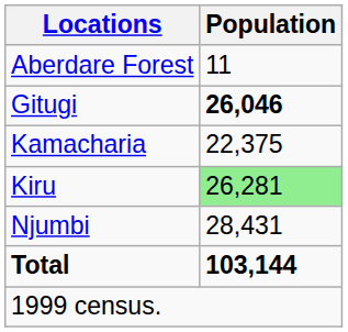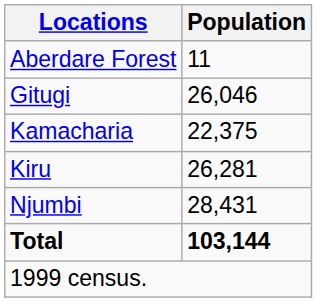 <table class="wikitable">
 <tr>
 <th><a href='#'>Locations</a></th>
 <th>Population</th>
 </tr>
 <tr>
 <td><a href='#'>Aberdare Forest</a></td>
 <td>11</td>
 </tr>
 <tr>
 <td><a href='#'>Gitugi</a></td>
-<td><strong>26,046</strong></td>
+<td>26,046</td>
 </tr>
 <tr>
 <td><a href='#'>Kamacharia</a></td>
 <td>22,375</td>
 </tr>
 <tr>
 <td><a href='#'>Kiru</a></td>
-<td style="background: lightgreen;">26,281</td>
+<td>26,281</td>
 </tr>
 <tr>
 <td><a href='#'>Njumbi</a></td>
 <td>28,431</td>
 </tr>
 <tr>
 <td><strong>Total</strong></td>
 <td><strong>103,144</strong></td>
 </tr>
 <tr>
 <td colspan="2">1999 census.</td>
 </tr>
 </table>
